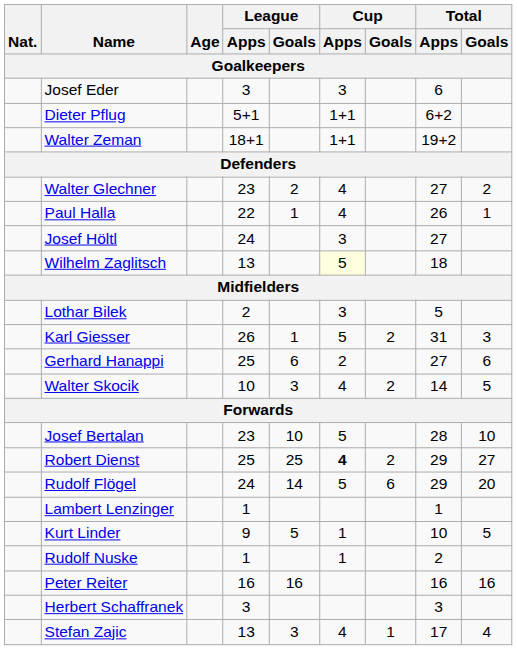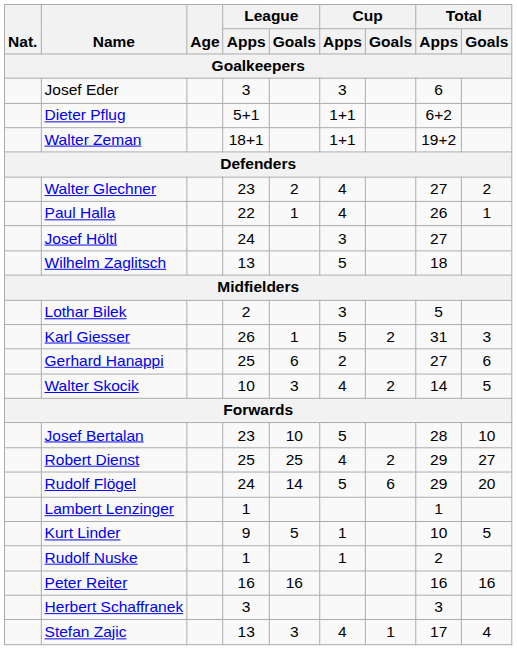 <table class="wikitable" style="text-align:center">
 <tr>
 <th rowspan="2" valign="bottom">Nat.</th>
 <th rowspan="2" valign="bottom">Name</th>
 <th rowspan="2" valign="bottom">Age</th>
 <th colspan="2" width="85">League</th>
 <th colspan="2" width="85">Cup</th>
 <th colspan="2" width="85">Total</th>
 </tr>
 <tr>
 <th>Apps</th>
 <th>Goals</th>
 <th>Apps</th>
 <th>Goals</th>
 <th>Apps</th>
 <th>Goals</th>
 </tr>
 <tr>
 <th colspan=20>Goalkeepers</th>
 </tr>
 <tr>
 <td></td>
 <td align="left">Josef Eder</td>
 <td></td>
 <td>3</td>
 <td></td>
 <td>3</td>
 <td></td>
 <td>6</td>
 <td></td>
 </tr>
 <tr>
 <td></td>
 <td align="left"><a href='#'>Dieter Pflug</a></td>
 <td></td>
 <td>5+1</td>
 <td></td>
 <td>1+1</td>
 <td></td>
 <td>6+2</td>
 <td></td>
 </tr>
 <tr>
 <td></td>
 <td align="left"><a href='#'>Walter Zeman</a></td>
 <td></td>
 <td>18+1</td>
 <td></td>
 <td>1+1</td>
 <td></td>
 <td>19+2</td>
 <td></td>
 </tr>
 <tr>
 <th colspan=20>Defenders</th>
 </tr>
 <tr>
 <td></td>
 <td align="left"><a href='#'>Walter Glechner</a></td>
 <td></td>
 <td>23</td>
 <td>2</td>
 <td>4</td>
 <td></td>
 <td>27</td>
 <td>2</td>
 </tr>
 <tr>
 <td></td>
 <td align="left"><a href='#'>Paul Halla</a></td>
 <td></td>
 <td>22</td>
 <td>1</td>
 <td>4</td>
 <td></td>
 <td>26</td>
 <td>1</td>
 </tr>
 <tr>
 <td></td>
 <td align="left"><a href='#'>Josef Höltl</a></td>
 <td></td>
 <td>24</td>
 <td></td>
 <td>3</td>
 <td></td>
 <td>27</td>
 <td></td>
 </tr>
 <tr>
 <td></td>
 <td align="left"><a href='#'>Wilhelm Zaglitsch</a></td>
 <td></td>
 <td>13</td>
 <td></td>
-<td style="background: lightyellow;">5</td>
+<td>5</td>
 <td></td>
 <td>18</td>
 <td></td>
 </tr>
 <tr>
 <th colspan=20>Midfielders</th>
 </tr>
 <tr>
 <td></td>
 <td align="left"><a href='#'>Lothar Bilek</a></td>
 <td></td>
 <td>2</td>
 <td></td>
 <td>3</td>
 <td></td>
 <td>5</td>
 <td></td>
 </tr>
 <tr>
 <td></td>
 <td align="left"><a href='#'>Karl Giesser</a></td>
 <td></td>
 <td>26</td>
 <td>1</td>
 <td>5</td>
 <td>2</td>
 <td>31</td>
 <td>3</td>
 </tr>
 <tr>
 <td></td>
 <td align="left"><a href='#'>Gerhard Hanappi</a></td>
 <td></td>
 <td>25</td>
 <td>6</td>
 <td>2</td>
 <td></td>
 <td>27</td>
 <td>6</td>
 </tr>
 <tr>
 <td></td>
 <td align="left"><a href='#'>Walter Skocik</a></td>
 <td></td>
 <td>10</td>
 <td>3</td>
 <td>4</td>
 <td>2</td>
 <td>14</td>
 <td>5</td>
 </tr>
 <tr>
 <th colspan=20>Forwards</th>
 </tr>
 <tr>
 <td></td>
 <td align="left"><a href='#'>Josef Bertalan</a></td>
 <td></td>
 <td>23</td>
 <td>10</td>
 <td>5</td>
 <td></td>
 <td>28</td>
 <td>10</td>
 </tr>
 <tr>
 <td></td>
 <td align="left"><a href='#'>Robert Dienst</a></td>
 <td></td>
 <td>25</td>
 <td>25</td>
-<td><strong>4</strong></td>
+<td>4</td>
 <td>2</td>
 <td>29</td>
 <td>27</td>
 </tr>
 <tr>
 <td></td>
 <td align="left"><a href='#'>Rudolf Flögel</a></td>
 <td></td>
 <td>24</td>
 <td>14</td>
 <td>5</td>
 <td>6</td>
 <td>29</td>
 <td>20</td>
 </tr>
 <tr>
 <td></td>
 <td align="left"><a href='#'>Lambert Lenzinger</a></td>
 <td></td>
 <td>1</td>
 <td></td>
 <td></td>
 <td></td>
 <td>1</td>
 <td></td>
 </tr>
 <tr>
 <td></td>
 <td align="left"><a href='#'>Kurt Linder</a></td>
 <td></td>
 <td>9</td>
 <td>5</td>
 <td>1</td>
 <td></td>
 <td>10</td>
 <td>5</td>
 </tr>
 <tr>
 <td></td>
 <td align="left"><a href='#'>Rudolf Nuske</a></td>
 <td></td>
 <td>1</td>
 <td></td>
 <td>1</td>
 <td></td>
 <td>2</td>
 <td></td>
 </tr>
 <tr>
 <td></td>
 <td align="left"><a href='#'>Peter Reiter</a></td>
 <td></td>
 <td>16</td>
 <td>16</td>
 <td></td>
 <td></td>
 <td>16</td>
 <td>16</td>
 </tr>
 <tr>
 <td></td>
 <td align="left"><a href='#'>Herbert Schaffranek</a></td>
 <td></td>
 <td>3</td>
 <td></td>
 <td></td>
 <td></td>
 <td>3</td>
 <td></td>
 </tr>
 <tr>
 <td></td>
 <td align="left"><a href='#'>Stefan Zajic</a></td>
 <td></td>
 <td>13</td>
 <td>3</td>
 <td>4</td>
 <td>1</td>
 <td>17</td>
 <td>4</td>
 </tr>
 </table>
